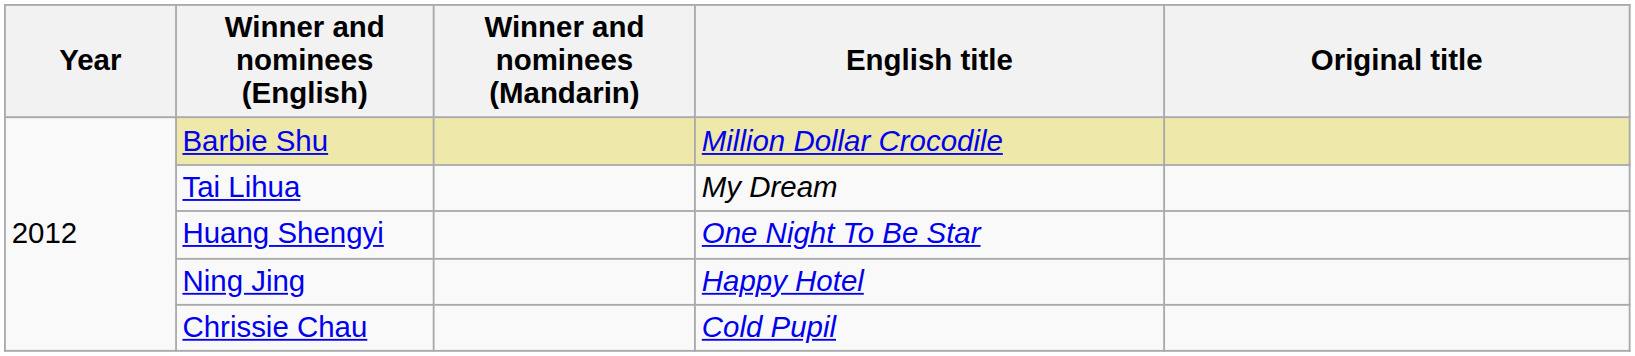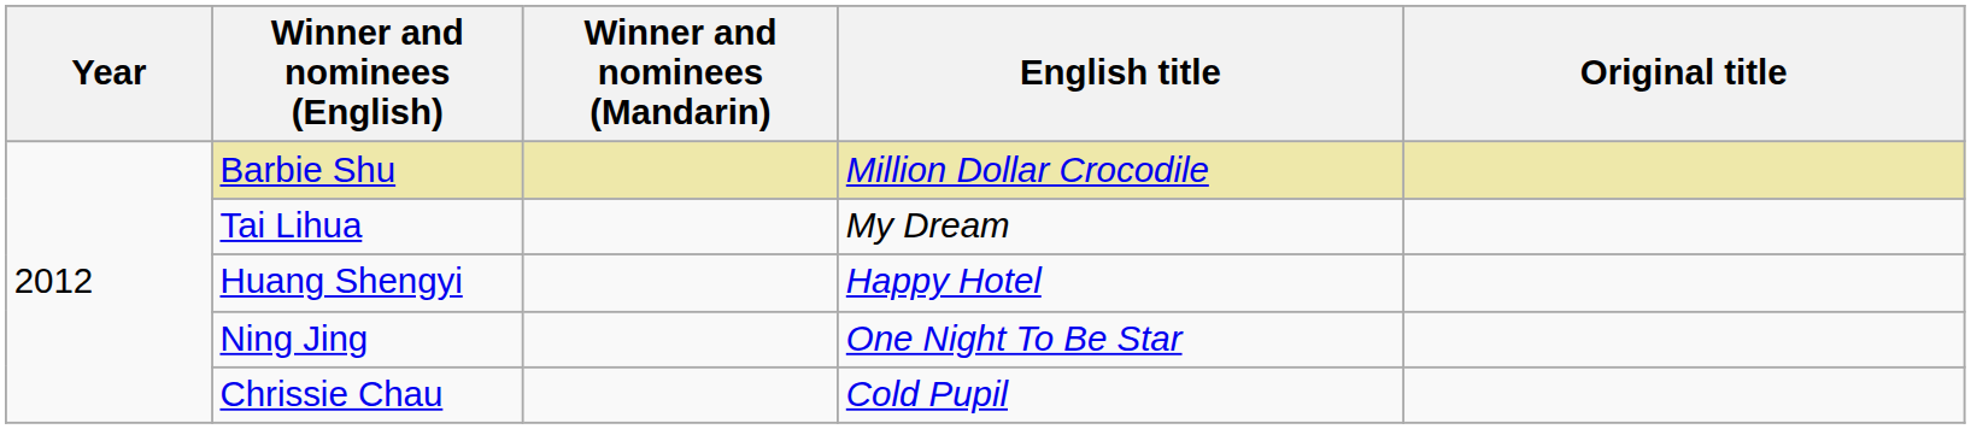 <table class="wikitable" style="width:100%;">
 <tr style="background:#bebebe">
 <th width="100"><strong>Year</strong></th>
 <th width="150"><strong>Winner and nominees<br>(English)</strong></th>
 <th width="150"><strong>Winner and nominees<br>(Mandarin)</strong></th>
 <th width="300"><strong>English title</strong></th>
 <th width="300"><strong>Original title</strong></th>
 </tr>
 <tr>
 <td rowspan="5">2012</td>
 <td style="background:#EEE8AA;"><a href='#'>Barbie Shu</a></td>
 <td style="background:#EEE8AA;"></td>
 <td style="background:#EEE8AA;"><em><a href='#'>Million Dollar Crocodile</a></em></td>
 <td style="background:#EEE8AA;"></td>
 </tr>
 <tr>
 <td><a href='#'>Tai Lihua</a></td>
 <td></td>
 <td><em>My Dream</em></td>
 <td></td>
 </tr>
 <tr>
 <td><a href='#'>Huang Shengyi</a></td>
 <td></td>
-<td><em><a href='#'>One Night To Be Star</a></em></td>
+<td><em><a href='#'>Happy Hotel</a></em></td>
 <td></td>
 </tr>
 <tr>
 <td><a href='#'>Ning Jing</a></td>
 <td></td>
-<td><em><a href='#'>Happy Hotel</a></em></td>
+<td><em><a href='#'>One Night To Be Star</a></em></td>
 <td></td>
 </tr>
 <tr>
 <td><a href='#'>Chrissie Chau</a></td>
 <td></td>
 <td><em><a href='#'>Cold Pupil</a></em></td>
 <td></td>
 </tr>
 </table>
